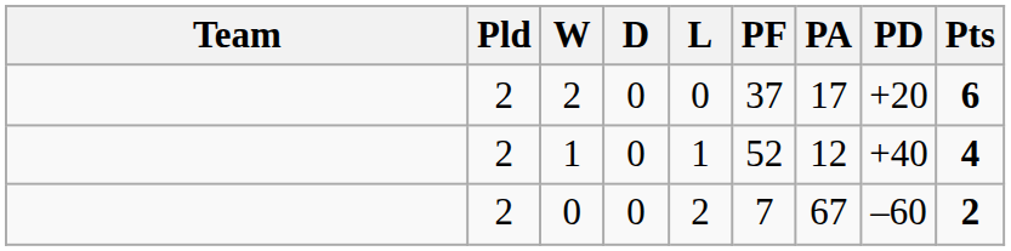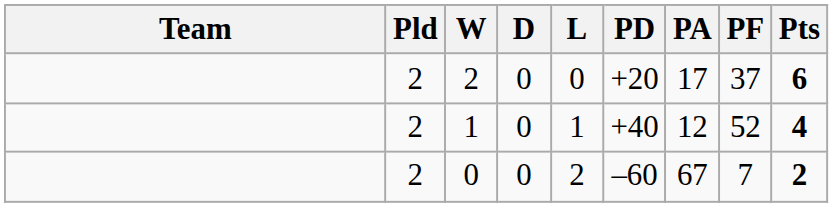 <table class="wikitable" style="text-align:center;">
 <tr>
 <th width=190>Team</th>
 <th width=20 abbr="Played">Pld</th>
 <th width=20 abbr="Won">W</th>
 <th width=20 abbr="Drawn">D</th>
 <th width=20 abbr="Lost">L</th>
+<th width=25 abbr="Points difference">PD</th>
+<th width=20 abbr="Points against">PA</th>
 <th width=20 abbr="Points for">PF</th>
-<th width=20 abbr="Points against">PA</th>
-<th width=25 abbr="Points difference">PD</th>
 <th width=20 abbr="Points">Pts</th>
 </tr>
 <tr>
 <td align=left></td>
 <td>2</td>
 <td>2</td>
 <td>0</td>
 <td>0</td>
+<td>+20</td>
+<td>17</td>
 <td>37</td>
-<td>17</td>
-<td>+20</td>
 <td><strong>6</strong></td>
 </tr>
 <tr>
 <td align=left></td>
 <td>2</td>
 <td>1</td>
 <td>0</td>
 <td>1</td>
+<td>+40</td>
+<td>12</td>
 <td>52</td>
-<td>12</td>
-<td>+40</td>
 <td><strong>4</strong></td>
 </tr>
 <tr>
 <td align=left></td>
 <td>2</td>
 <td>0</td>
 <td>0</td>
 <td>2</td>
+<td>–60</td>
+<td>67</td>
 <td>7</td>
-<td>67</td>
-<td>–60</td>
 <td><strong>2</strong></td>
 </tr>
 </table>
